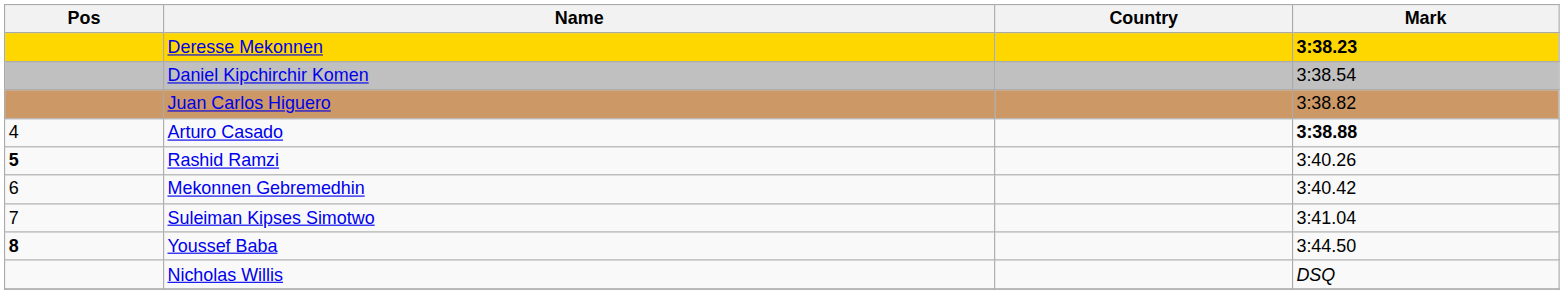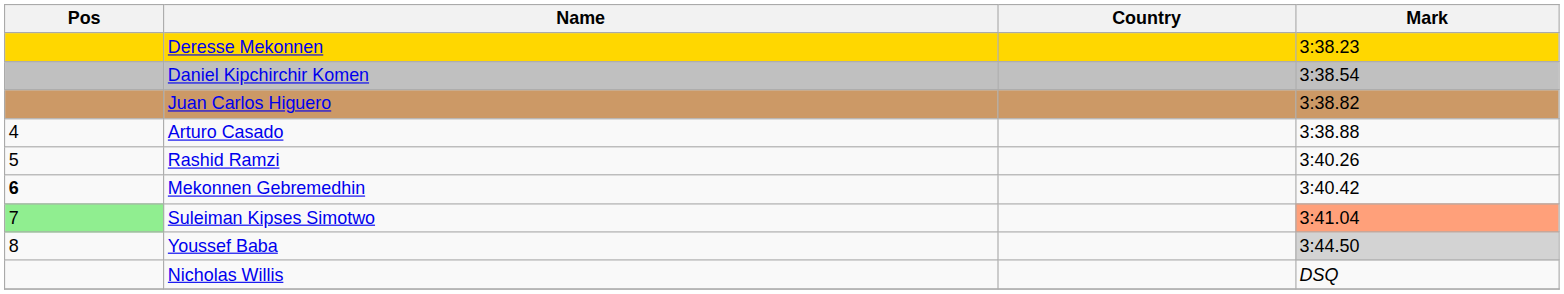 <table class="wikitable" width=70%>
 <tr>
 <th>Pos</th>
 <th>Name</th>
 <th>Country</th>
 <th>Mark</th>
 </tr>
 <tr bgcolor=gold>
 <td></td>
 <td><a href='#'>Deresse Mekonnen</a></td>
 <td></td>
-<td><strong>3:38.23</strong></td>
+<td>3:38.23</td>
 </tr>
 <tr bgcolor=silver>
 <td></td>
 <td><a href='#'>Daniel Kipchirchir Komen</a></td>
 <td></td>
 <td>3:38.54</td>
 </tr>
 <tr bgcolor=cc9966>
 <td></td>
 <td><a href='#'>Juan Carlos Higuero</a></td>
 <td></td>
 <td>3:38.82</td>
 </tr>
 <tr>
 <td>4</td>
 <td><a href='#'>Arturo Casado</a></td>
 <td></td>
-<td><strong>3:38.88</strong></td>
+<td>3:38.88</td>
 </tr>
 <tr>
-<td><strong>5</strong></td>
+<td>5</td>
 <td><a href='#'>Rashid Ramzi</a></td>
 <td></td>
 <td>3:40.26</td>
 </tr>
 <tr>
-<td>6</td>
+<td><strong>6</strong></td>
 <td><a href='#'>Mekonnen Gebremedhin</a></td>
 <td></td>
 <td>3:40.42</td>
 </tr>
 <tr>
-<td>7</td>
+<td style="background: lightgreen;">7</td>
 <td><a href='#'>Suleiman Kipses Simotwo</a></td>
 <td></td>
-<td>3:41.04</td>
+<td style="background: lightsalmon;">3:41.04</td>
 </tr>
 <tr>
-<td><strong>8</strong></td>
+<td>8</td>
 <td><a href='#'>Youssef Baba</a></td>
 <td></td>
-<td>3:44.50</td>
+<td style="background: lightgrey;">3:44.50</td>
 </tr>
 <tr>
 <td></td>
 <td><a href='#'>Nicholas Willis</a></td>
 <td></td>
 <td><em>DSQ</em></td>
 </tr>
 <tr>
 </tr>
 </table>
